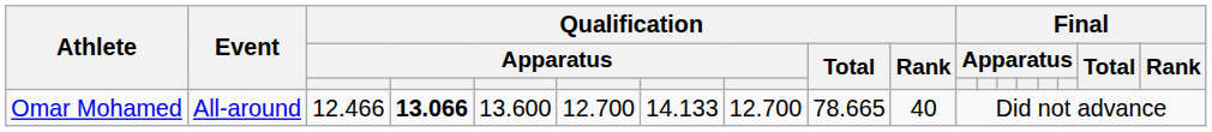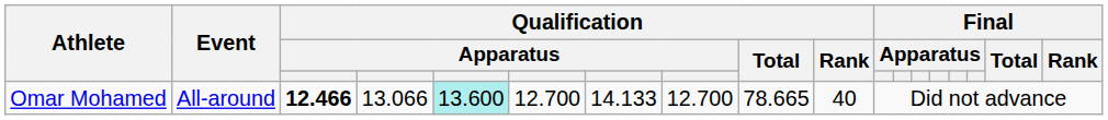 <table class="wikitable" style="font-size:90%">
 <tr>
 <th rowspan=3>Athlete</th>
 <th rowspan=3>Event</th>
 <th colspan =8>Qualification</th>
 <th colspan =8>Final</th>
 </tr>
 <tr style="font-size:95%">
 <th colspan=6>Apparatus</th>
 <th rowspan=2>Total</th>
 <th rowspan=2>Rank</th>
 <th colspan=6>Apparatus</th>
 <th rowspan=2>Total</th>
 <th rowspan=2>Rank</th>
 </tr>
 <tr style="font-size:95%">
 <th></th>
 <th></th>
 <th></th>
 <th></th>
 <th></th>
 <th></th>
 <th></th>
 <th></th>
 <th></th>
 <th></th>
 <th></th>
 <th></th>
 </tr>
 <tr align=center>
 <td align=left><a href='#'>Omar Mohamed</a></td>
 <td align=left><a href='#'>All-around</a></td>
-<td>12.466</td>
-<td><strong>13.066</strong></td>
-<td>13.600</td>
+<td><strong>12.466</strong></td>
+<td>13.066</td>
+<td style="background: paleturquoise;">13.600</td>
 <td>12.700</td>
 <td>14.133</td>
 <td>12.700</td>
 <td>78.665</td>
 <td>40</td>
 <td colspan="8">Did not advance</td>
 </tr>
 </table>
